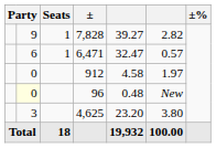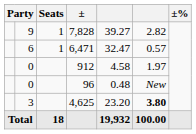 <table class=wikitable>
 <tr>
 <th colspan=2 align=center>Party</th>
 <th>Seats</th>
 <th>±</th>
 <th></th>
 <th></th>
 <th>±%</th>
 </tr>
 <tr>
 <td></td>
 <td align=right>9</td>
 <td align=right>1</td>
 <td align=right>7,828</td>
 <td align=right>39.27</td>
 <td align=right>2.82</td>
 </tr>
 <tr>
 <td></td>
 <td align=right>6</td>
 <td align=right> 1</td>
 <td align=right>6,471</td>
 <td align=right>32.47</td>
 <td align=right>0.57</td>
 </tr>
 <tr>
 <td></td>
 <td align=right>0</td>
 <td align=right></td>
 <td align=right>912</td>
 <td align=right>4.58</td>
 <td align=right>1.97</td>
 </tr>
 <tr>
 <td></td>
-<td align=right style="background: lightyellow;">0</td>
+<td align=right>0</td>
 <td align=right></td>
 <td align=right>96</td>
 <td align=right>0.48</td>
 <td align=right><em>New</em></td>
 </tr>
 <tr>
 <td></td>
 <td align=right>3</td>
 <td align=right></td>
 <td align=right>4,625</td>
 <td align=right>23.20</td>
-<td align=right>3.80</td>
+<td align=right><strong>3.80</strong></td>
 </tr>
 <tr style="font-weight:bold; background:rgb(232,232,232);">
 <td colspan=2 align=center>Total</td>
 <td align=right>18</td>
 <td align=center></td>
 <td align=right>19,932</td>
 <td align=center>100.00</td>
 <td align=center></td>
 </tr>
 </table>
